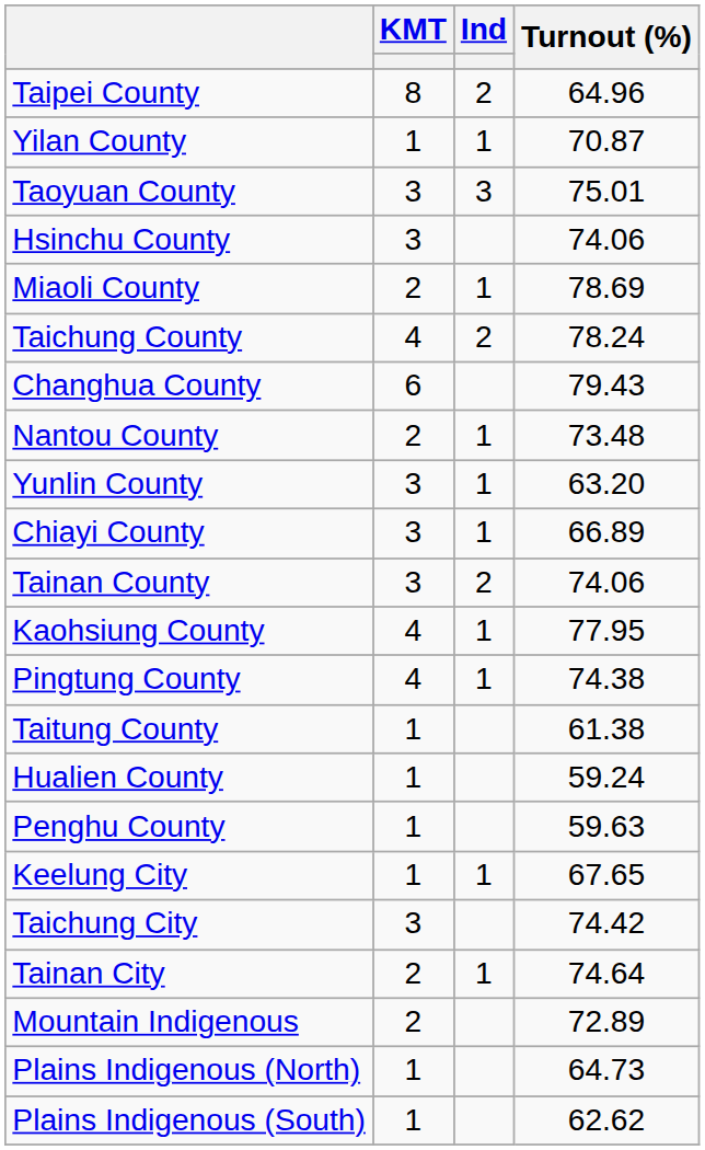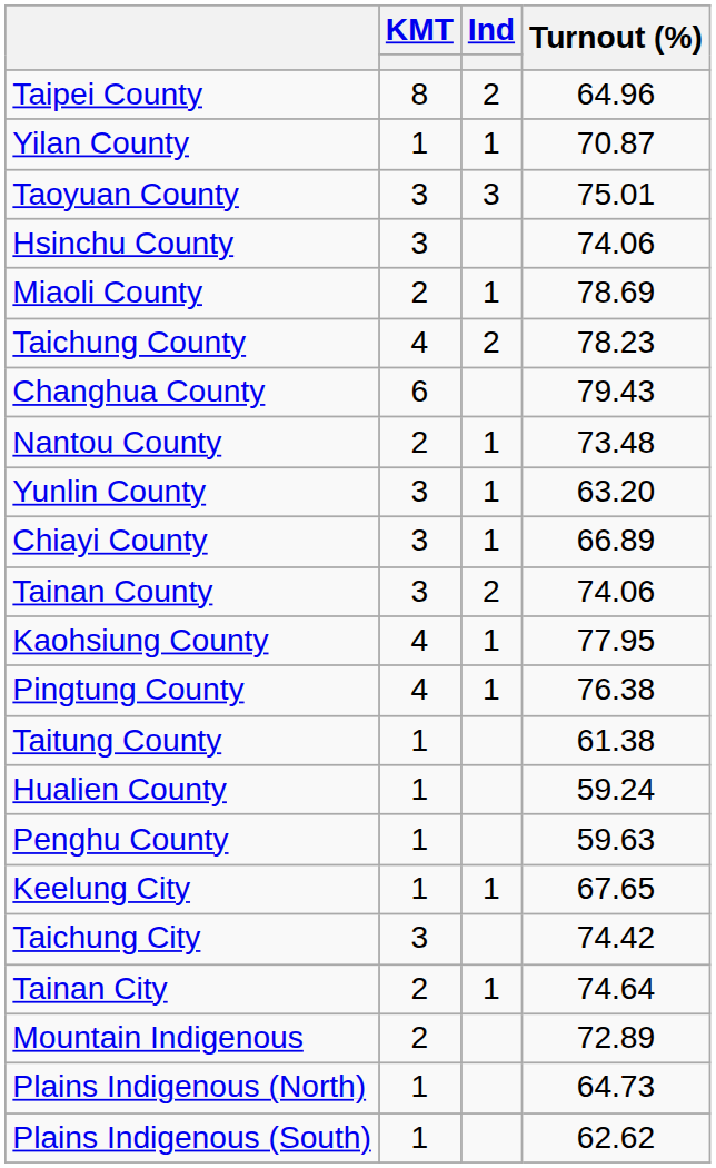 <table class="wikitable" style="text-align:center;">
 <tr>
 <th rowspan="2"></th>
 <th><a href='#'>KMT</a></th>
 <th><a href='#'>Ind</a></th>
 <th rowspan="2">Turnout (%)</th>
 </tr>
 <tr>
 <th style="background:"></th>
 <th style="background:"></th>
 </tr>
 <tr>
 <td align="left"><a href='#'>Taipei County</a></td>
 <td>8</td>
 <td>2</td>
 <td>64.96</td>
 </tr>
 <tr>
 <td align="left"><a href='#'>Yilan County</a></td>
 <td>1</td>
 <td>1</td>
 <td>70.87</td>
 </tr>
 <tr>
 <td align="left"><a href='#'>Taoyuan County</a></td>
 <td>3</td>
 <td>3</td>
 <td>75.01</td>
 </tr>
 <tr>
 <td align="left"><a href='#'>Hsinchu County</a></td>
 <td>3</td>
 <td></td>
 <td>74.06</td>
 </tr>
 <tr>
 <td align="left"><a href='#'>Miaoli County</a></td>
 <td>2</td>
 <td>1</td>
 <td>78.69</td>
 </tr>
 <tr>
 <td align="left"><a href='#'>Taichung County</a></td>
 <td>4</td>
 <td>2</td>
-<td>78.24</td>
+<td>78.23</td>
 </tr>
 <tr>
 <td align="left"><a href='#'>Changhua County</a></td>
 <td>6</td>
 <td></td>
 <td>79.43</td>
 </tr>
 <tr>
 <td align="left"><a href='#'>Nantou County</a></td>
 <td>2</td>
 <td>1</td>
 <td>73.48</td>
 </tr>
 <tr>
 <td align="left"><a href='#'>Yunlin County</a></td>
 <td>3</td>
 <td>1</td>
 <td>63.20</td>
 </tr>
 <tr>
 <td align="left"><a href='#'>Chiayi County</a></td>
 <td>3</td>
 <td>1</td>
 <td>66.89</td>
 </tr>
 <tr>
 <td align="left"><a href='#'>Tainan County</a></td>
 <td>3</td>
 <td>2</td>
 <td>74.06</td>
 </tr>
 <tr>
 <td align="left"><a href='#'>Kaohsiung County</a></td>
 <td>4</td>
 <td>1</td>
 <td>77.95</td>
 </tr>
 <tr>
 <td align="left"><a href='#'>Pingtung County</a></td>
 <td>4</td>
 <td>1</td>
-<td>74.38</td>
+<td>76.38</td>
 </tr>
 <tr>
 <td align="left"><a href='#'>Taitung County</a></td>
 <td>1</td>
 <td></td>
 <td>61.38</td>
 </tr>
 <tr>
 <td align="left"><a href='#'>Hualien County</a></td>
 <td>1</td>
 <td></td>
 <td>59.24</td>
 </tr>
 <tr>
 <td align="left"><a href='#'>Penghu County</a></td>
 <td>1</td>
 <td></td>
 <td>59.63</td>
 </tr>
 <tr>
 <td align="left"><a href='#'>Keelung City</a></td>
 <td>1</td>
 <td>1</td>
 <td>67.65</td>
 </tr>
 <tr>
 <td align="left"><a href='#'>Taichung City</a></td>
 <td>3</td>
 <td></td>
 <td>74.42</td>
 </tr>
 <tr>
 <td align="left"><a href='#'>Tainan City</a></td>
 <td>2</td>
 <td>1</td>
 <td>74.64</td>
 </tr>
 <tr>
 <td align="left"><a href='#'>Mountain Indigenous</a></td>
 <td>2</td>
 <td></td>
 <td>72.89</td>
 </tr>
 <tr>
 <td align="left"><a href='#'>Plains Indigenous (North)</a></td>
 <td>1</td>
 <td></td>
 <td>64.73</td>
 </tr>
 <tr>
 <td align="left"><a href='#'>Plains Indigenous (South)</a></td>
 <td>1</td>
 <td></td>
 <td>62.62</td>
 </tr>
 </table>
